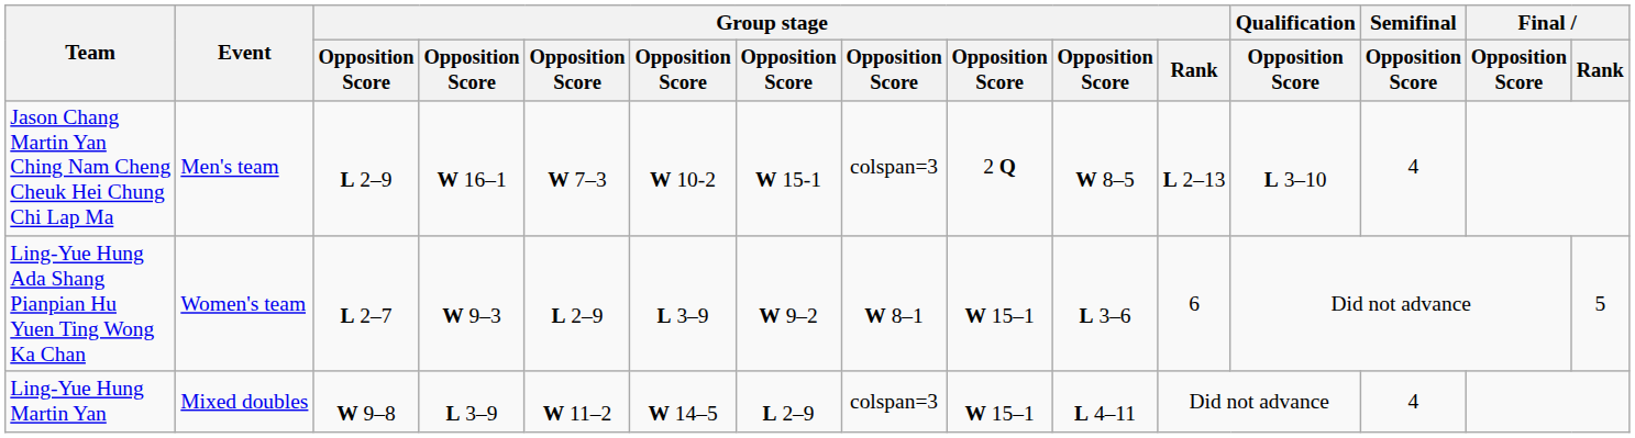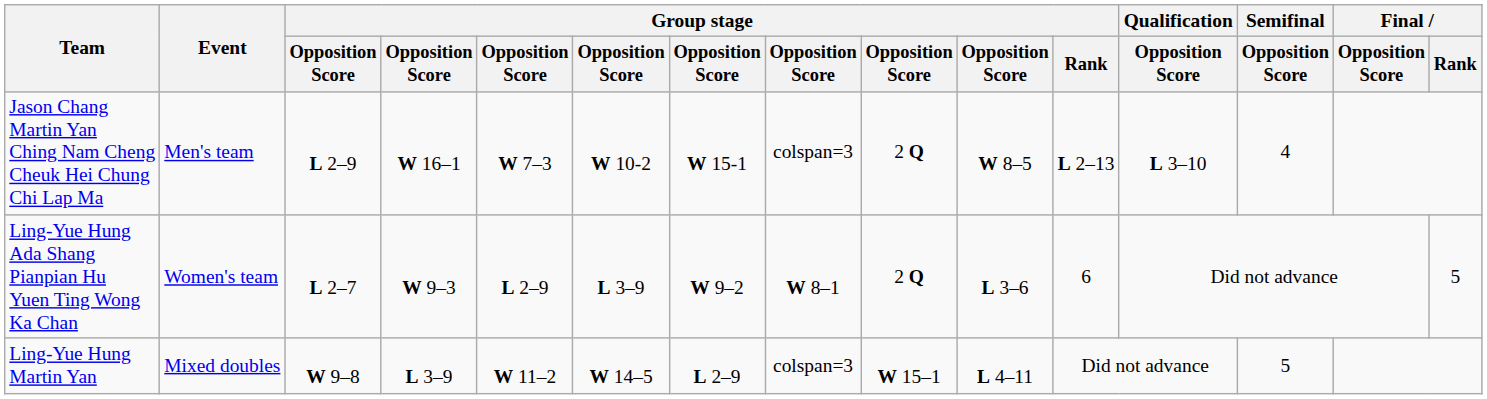 <table class=wikitable style=font-size:85%;text-align:center>
 <tr>
 <th rowspan=2>Team</th>
 <th rowspan=2>Event</th>
 <th colspan=9>Group stage</th>
 <th>Qualification</th>
 <th>Semifinal</th>
 <th colspan=2>Final / </th>
 </tr>
 <tr style=font-size:95%>
 <th>Opposition<br>Score</th>
 <th>Opposition<br>Score</th>
 <th>Opposition<br>Score</th>
 <th>Opposition<br>Score</th>
 <th>Opposition<br>Score</th>
 <th>Opposition<br>Score</th>
 <th>Opposition<br>Score</th>
 <th>Opposition<br>Score</th>
 <th>Rank</th>
 <th>Opposition<br>Score</th>
 <th>Opposition<br>Score</th>
 <th>Opposition<br>Score</th>
 <th>Rank</th>
 </tr>
 <tr>
 <td align=left><a href='#'>Jason Chang</a><br><a href='#'>Martin Yan</a><br><a href='#'>Ching Nam Cheng</a><br><a href='#'>Cheuk Hei Chung</a><br><a href='#'>Chi Lap Ma</a></td>
 <td align=left><a href='#'>Men's team</a></td>
 <td><br><strong>L</strong> 2–9</td>
 <td><br><strong>W</strong> 16–1</td>
 <td><br><strong>W</strong> 7–3</td>
 <td><br><strong>W</strong> 10-2</td>
 <td><br><strong>W</strong> 15-1</td>
 <td>colspan=3 </td>
 <td>2 <strong>Q</strong></td>
 <td><br><strong>W</strong> 8–5</td>
 <td><br><strong>L</strong> 2–13</td>
 <td><br><strong>L</strong> 3–10</td>
 <td>4</td>
 </tr>
 <tr>
 <td align=left><a href='#'>Ling-Yue Hung</a><br><a href='#'>Ada Shang</a><br><a href='#'>Pianpian Hu</a><br><a href='#'>Yuen Ting Wong</a><br><a href='#'>Ka Chan</a></td>
 <td align=left><a href='#'>Women's team</a></td>
 <td><br><strong>L</strong> 2–7</td>
 <td><br><strong>W</strong> 9–3</td>
 <td><br><strong>L</strong> 2–9</td>
 <td><br><strong>L</strong> 3–9</td>
 <td><br><strong>W</strong> 9–2</td>
 <td><br><strong>W</strong> 8–1</td>
-<td><br><strong>W</strong> 15–1</td>
+<td>2 <strong>Q</strong></td>
 <td><br><strong>L</strong> 3–6</td>
 <td>6</td>
 <td colspan=3>Did not advance</td>
 <td>5</td>
 </tr>
 <tr>
 <td align=left><a href='#'>Ling-Yue Hung</a><br><a href='#'>Martin Yan</a></td>
 <td align=left><a href='#'>Mixed doubles</a></td>
 <td><br><strong>W</strong> 9–8</td>
 <td><br><strong>L</strong> 3–9</td>
 <td><br><strong>W</strong> 11–2</td>
 <td><br><strong>W</strong> 14–5</td>
 <td><br><strong>L</strong> 2–9</td>
 <td>colspan=3 </td>
 <td><br><strong>W</strong> 15–1</td>
 <td><br><strong>L</strong> 4–11</td>
 <td colspan=2>Did not advance</td>
-<td>4</td>
+<td>5</td>
 </tr>
 </table>
